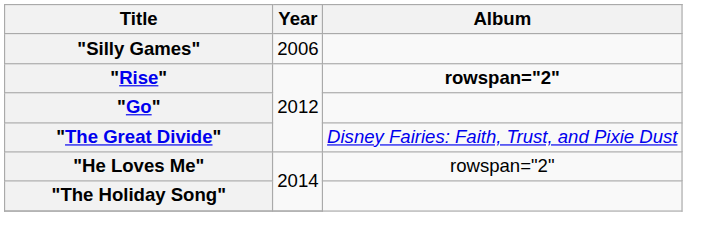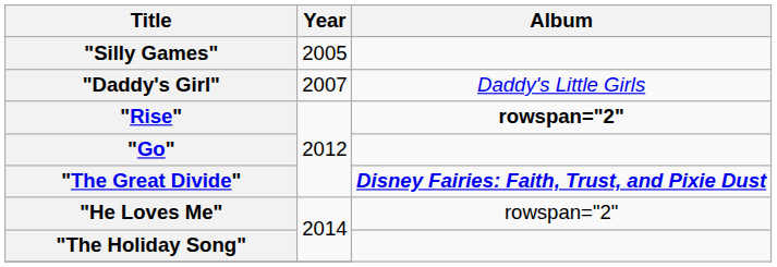 <table class="wikitable plainrowheaders" style="text-align:center;" border="1">
 <tr>
 <th scope="col" style="width:14em;">Title</th>
 <th scope="col">Year</th>
 <th scope="col">Album</th>
 </tr>
 <tr>
 <th scope="row">"Silly Games"<br></th>
-<td>2006</td>
+<td>2005</td>
 <td></td>
+</tr>
+<tr>
+<th scope="row">"Daddy's Girl"</th>
+<td>2007</td>
+<td><em><a href='#'>Daddy's Little Girls</a></em></td>
 </tr>
 <tr>
 <th scope="row">"<a href='#'>Rise</a>"</th>
 <td rowspan="3">2012</td>
 <td><strong>rowspan="2" </strong></td>
 </tr>
 <tr>
 <th scope="row">"<a href='#'>Go</a>"</th>
 </tr>
 <tr>
 <th scope="row">"<a href='#'>The Great Divide</a>"</th>
-<td><em><a href='#'>Disney Fairies: Faith, Trust, and Pixie Dust</a></em></td>
+<td><strong><em><a href='#'>Disney Fairies: Faith, Trust, and Pixie Dust</a></em></strong></td>
 </tr>
 <tr>
 <th scope="row">"He Loves Me"</th>
 <td rowspan="2">2014</td>
 <td>rowspan="2" </td>
 </tr>
 <tr>
 <th scope="row">"The Holiday Song"</th>
 </tr>
 <tr>
 </tr>
 </table>
